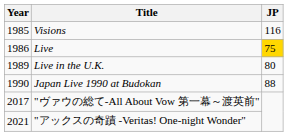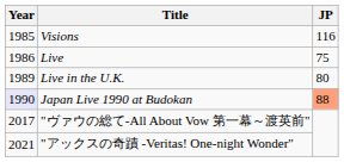 <table class="wikitable">
 <tr>
 <th>Year</th>
 <th>Title</th>
 <th>JP</th>
 </tr>
 <tr>
 <td>1985</td>
 <td><em>Visions</em></td>
 <td>116</td>
 </tr>
 <tr>
 <td>1986</td>
 <td><em>Live</em></td>
-<td style="background: gold;">75</td>
+<td>75</td>
 </tr>
 <tr>
 <td>1989</td>
 <td><em>Live in the U.K.</em></td>
 <td>80</td>
 </tr>
 <tr>
-<td>1990</td>
+<td style="background: lavender;">1990</td>
 <td><em>Japan Live 1990 at Budokan</em></td>
-<td>88</td>
+<td style="background: lightsalmon;">88</td>
 </tr>
 <tr>
 <td>2017</td>
 <td>"ヴァウの総て-All About Vow 第一幕～渡英前"</td>
 </tr>
 <tr>
 <td>2021</td>
 <td>"アックスの奇蹟 -Veritas! One-night Wonder"</td>
 </tr>
 </table>
